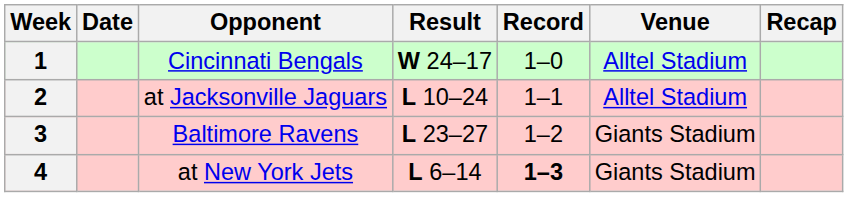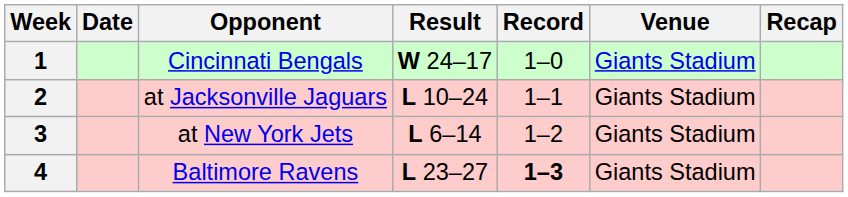 <table class="wikitable" style="text-align:center">
 <tr>
 <th>Week</th>
 <th>Date</th>
 <th>Opponent</th>
 <th>Result</th>
 <th>Record</th>
 <th>Venue</th>
 <th>Recap</th>
 </tr>
 <tr style="background:#cfc">
 <th>1</th>
 <td></td>
 <td><a href='#'>Cincinnati Bengals</a></td>
 <td><strong>W</strong> 24–17</td>
 <td>1–0</td>
-<td><a href='#'>Alltel Stadium</a></td>
+<td><a href='#'>Giants Stadium</a></td>
 <td></td>
 </tr>
 <tr style="background:#fcc">
 <th>2</th>
 <td></td>
 <td>at <a href='#'>Jacksonville Jaguars</a></td>
 <td><strong>L</strong> 10–24</td>
 <td>1–1</td>
-<td><a href='#'>Alltel Stadium</a></td>
+<td>Giants Stadium</td>
 <td></td>
 </tr>
 <tr style="background:#fcc">
 <th>3</th>
 <td></td>
-<td><a href='#'>Baltimore Ravens</a></td>
-<td><strong>L</strong> 23–27</td>
+<td>at <a href='#'>New York Jets</a></td>
+<td><strong>L</strong> 6–14</td>
 <td>1–2</td>
 <td>Giants Stadium</td>
 <td></td>
 </tr>
 <tr style="background:#fcc">
 <th>4</th>
 <td></td>
-<td>at <a href='#'>New York Jets</a></td>
-<td><strong>L</strong> 6–14</td>
+<td><a href='#'>Baltimore Ravens</a></td>
+<td><strong>L</strong> 23–27</td>
 <td><strong>1–3</strong></td>
 <td>Giants Stadium</td>
 <td></td>
 </tr>
 </table>
